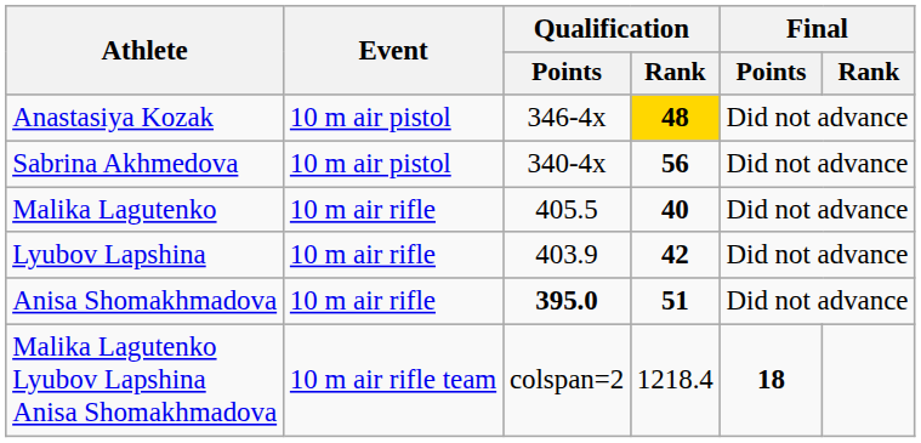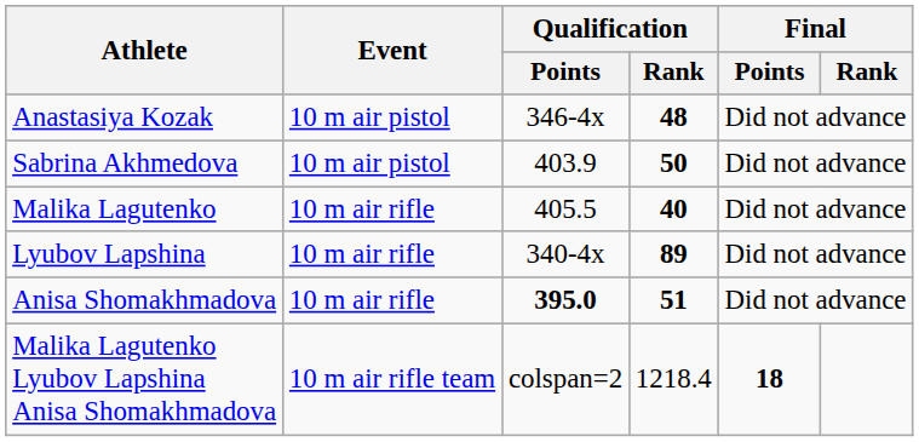 <table class=wikitable style="text-align:center; font-size:90%">
 <tr>
 <th rowspan=2>Athlete</th>
 <th rowspan=2>Event</th>
 <th colspan=2>Qualification</th>
 <th colspan=2>Final</th>
 </tr>
 <tr style="font-size:95%">
 <th>Points</th>
 <th>Rank</th>
 <th>Points</th>
 <th>Rank</th>
 </tr>
 <tr>
 <td align=left><a href='#'>Anastasiya Kozak</a></td>
 <td align=left><a href='#'>10 m air pistol</a></td>
 <td>346-4x</td>
-<td style="background: gold;"><strong>48</strong></td>
+<td><strong>48</strong></td>
 <td colspan=2>Did not advance</td>
 </tr>
 <tr>
 <td align=left><a href='#'>Sabrina Akhmedova</a></td>
 <td align=left><a href='#'>10 m air pistol</a></td>
-<td>340-4x</td>
-<td><strong>56</strong></td>
+<td>403.9</td>
+<td><strong>50</strong></td>
 <td colspan=2>Did not advance</td>
 </tr>
 <tr>
 <td align=left><a href='#'>Malika Lagutenko</a></td>
 <td align=left><a href='#'>10 m air rifle</a></td>
 <td>405.5</td>
 <td><strong>40</strong></td>
 <td colspan=2>Did not advance</td>
 </tr>
 <tr>
 <td align=left><a href='#'>Lyubov Lapshina</a></td>
 <td align=left><a href='#'>10 m air rifle</a></td>
-<td>403.9</td>
-<td><strong>42</strong></td>
+<td>340-4x</td>
+<td><strong>89</strong></td>
 <td colspan=2>Did not advance</td>
 </tr>
 <tr>
 <td align=left><a href='#'>Anisa Shomakhmadova</a></td>
 <td align=left><a href='#'>10 m air rifle</a></td>
 <td><strong>395.0</strong></td>
 <td><strong>51</strong></td>
 <td colspan=2>Did not advance</td>
 </tr>
 <tr>
 <td align=left><a href='#'>Malika Lagutenko</a><br><a href='#'>Lyubov Lapshina</a><br><a href='#'>Anisa Shomakhmadova</a></td>
 <td align=left><a href='#'>10 m air rifle team</a></td>
 <td>colspan=2 </td>
 <td>1218.4</td>
 <td><strong>18</strong></td>
 </tr>
 </table>
